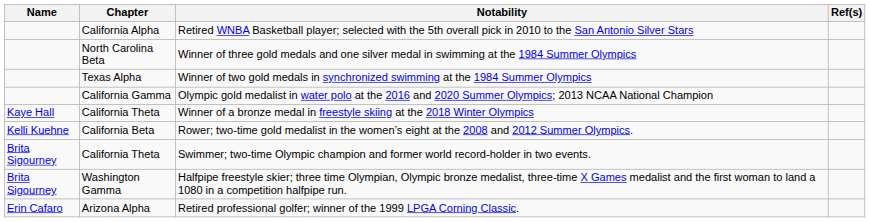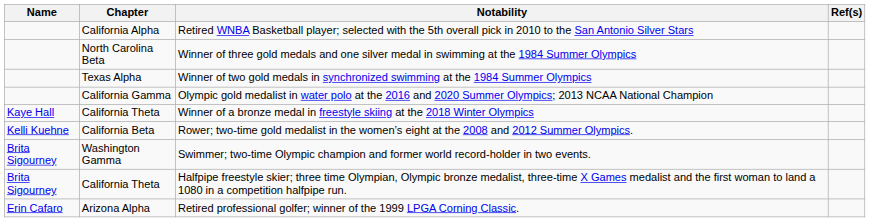 <table class="wikitable sortable">
 <tr valign="top">
 <th>Name</th>
 <th>Chapter</th>
 <th class="unsortable">Notability</th>
 <th class="unsortable">Ref(s)</th>
 </tr>
 <tr valign="top">
 <td></td>
 <td>California Alpha</td>
 <td>Retired <a href='#'>WNBA</a> Basketball player; selected with the 5th overall pick in 2010 to the <a href='#'>San Antonio Silver Stars</a></td>
 <td></td>
 </tr>
 <tr>
 <td></td>
 <td>North Carolina Beta</td>
 <td>Winner of three gold medals and one silver medal in swimming at the <a href='#'>1984 Summer Olympics</a></td>
 <td></td>
 </tr>
 <tr>
 <td></td>
 <td>Texas Alpha</td>
 <td>Winner of two gold medals in <a href='#'>synchronized swimming</a> at the <a href='#'>1984 Summer Olympics</a></td>
 <td></td>
 </tr>
 <tr>
 <td></td>
 <td>California Gamma</td>
 <td>Olympic gold medalist in <a href='#'>water polo</a> at the <a href='#'>2016</a> and <a href='#'>2020 Summer Olympics</a>; 2013 NCAA National Champion</td>
 <td></td>
 </tr>
 <tr>
 <td><a href='#'>Kaye Hall</a></td>
 <td>California Theta</td>
 <td>Winner of a bronze medal in <a href='#'>freestyle skiing</a> at the <a href='#'>2018 Winter Olympics</a></td>
 <td> </td>
 </tr>
 <tr>
 <td><a href='#'>Kelli Kuehne</a></td>
 <td>California Beta</td>
 <td>Rower; two-time gold medalist in the women’s eight at the <a href='#'>2008</a> and <a href='#'>2012 Summer Olympics</a>.</td>
 <td></td>
 </tr>
 <tr>
 <td><a href='#'>Brita Sigourney</a></td>
-<td>California Theta</td>
+<td>Washington Gamma</td>
 <td>Swimmer; two-time Olympic champion and former world record-holder in two events.</td>
 <td></td>
 </tr>
 <tr>
 <td><a href='#'>Brita Sigourney</a></td>
-<td>Washington Gamma</td>
+<td>California Theta</td>
 <td>Halfpipe freestyle skier; three time Olympian, Olympic bronze medalist, three-time <a href='#'>X Games</a> medalist and the first woman to land a 1080 in a competition halfpipe run.</td>
 <td></td>
 </tr>
 <tr>
 <td><a href='#'>Erin Cafaro</a></td>
 <td>Arizona Alpha</td>
 <td>Retired professional golfer; winner of the 1999 <a href='#'>LPGA Corning Classic</a>.</td>
 <td></td>
 </tr>
 </table>
